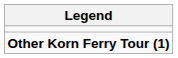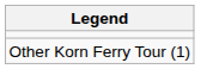 <table class="wikitable" style="font-size:95%;">
 <tr>
 <th>Legend</th>
 </tr>
 <tr>
 <td></td>
 </tr>
 <tr>
-<td><strong>Other Korn Ferry Tour (1)</strong></td>
+<td>Other Korn Ferry Tour (1)</td>
 </tr>
 </table>
